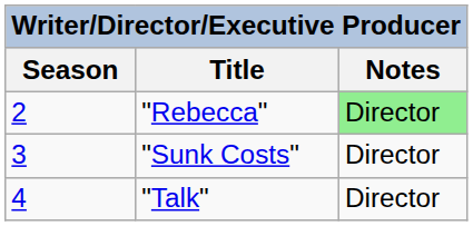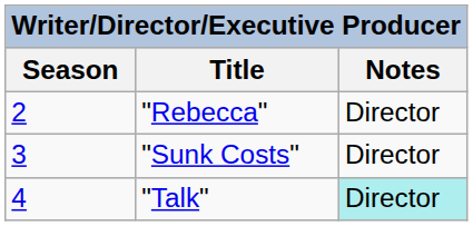 <table class="wikitable">
 <tr>
 <th colspan="3" style="background: LightSteelBlue;">Writer/Director/Executive Producer</th>
 </tr>
 <tr>
 <th>Season</th>
 <th>Title</th>
 <th>Notes</th>
 </tr>
 <tr>
 <td style= align="center"><a href='#'>2</a></td>
 <td>"<a href='#'>Rebecca</a>"</td>
-<td style="background: lightgreen;">Director</td>
+<td>Director</td>
 </tr>
 <tr>
 <td style= align="center"><a href='#'>3</a></td>
 <td>"<a href='#'>Sunk Costs</a>"</td>
 <td>Director</td>
 </tr>
 <tr>
 <td style= align="center"><a href='#'>4</a></td>
 <td>"<a href='#'>Talk</a>"</td>
-<td>Director</td>
+<td style="background: paleturquoise;">Director</td>
 </tr>
 </table>
